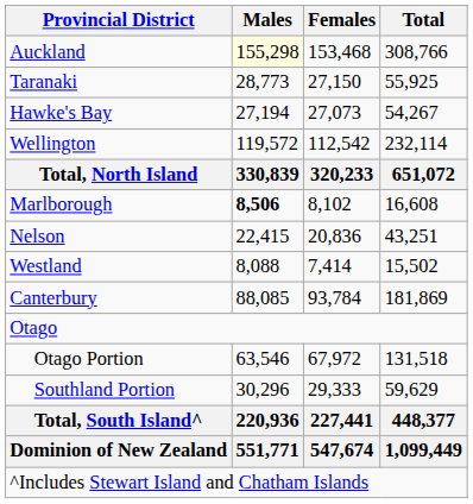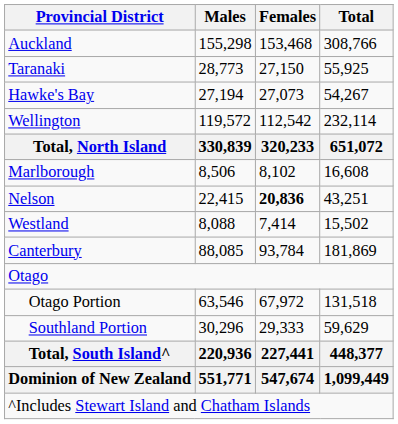 <table class="wikitable" style="text-align:left">
 <tr>
 <th><a href='#'>Provincial District</a></th>
 <th>Males</th>
 <th>Females</th>
 <th>Total</th>
 </tr>
 <tr>
 <td><a href='#'>Auckland</a></td>
-<td style="background: lightyellow;">155,298</td>
+<td>155,298</td>
 <td>153,468</td>
 <td>308,766</td>
 </tr>
 <tr>
 <td><a href='#'>Taranaki</a></td>
 <td>28,773</td>
 <td>27,150</td>
 <td>55,925</td>
 </tr>
 <tr>
 <td><a href='#'>Hawke's Bay</a></td>
 <td>27,194</td>
 <td>27,073</td>
 <td>54,267</td>
 </tr>
 <tr>
 <td><a href='#'>Wellington</a></td>
 <td>119,572</td>
 <td>112,542</td>
 <td>232,114</td>
 </tr>
 <tr>
 <th align=Center>Total, <a href='#'>North Island</a></th>
 <th>330,839</th>
 <th>320,233</th>
 <th>651,072</th>
 </tr>
 <tr>
 <td><a href='#'>Marlborough</a></td>
-<td><strong>8,506</strong></td>
+<td>8,506</td>
 <td>8,102</td>
 <td>16,608</td>
 </tr>
 <tr>
 <td><a href='#'>Nelson</a></td>
 <td>22,415</td>
-<td>20,836</td>
+<td><strong>20,836</strong></td>
 <td>43,251</td>
 </tr>
 <tr>
 <td><a href='#'>Westland</a></td>
 <td>8,088</td>
 <td>7,414</td>
 <td>15,502</td>
 </tr>
 <tr>
 <td><a href='#'>Canterbury</a></td>
 <td>88,085</td>
 <td>93,784</td>
 <td>181,869</td>
 </tr>
 <tr>
 <td colspan="6" style="text-align:left;"><a href='#'>Otago</a></td>
 </tr>
 <tr>
 <td align=left>     Otago Portion</td>
 <td>63,546</td>
 <td>67,972</td>
 <td>131,518</td>
 </tr>
 <tr>
 <td align=left>     <a href='#'>Southland Portion</a></td>
 <td>30,296</td>
 <td>29,333</td>
 <td>59,629</td>
 </tr>
 <tr>
 <th align=center>Total, <a href='#'>South Island</a>^</th>
 <th>220,936</th>
 <th>227,441</th>
 <th>448,377</th>
 </tr>
 <tr>
 <th> Dominion of New Zealand</th>
 <th>551,771</th>
 <th>547,674</th>
 <th>1,099,449</th>
 </tr>
 <tr>
 <td colspan="4" style="text-align:left;">^Includes <a href='#'>Stewart Island</a> and <a href='#'>Chatham Islands</a></td>
 </tr>
 </table>
